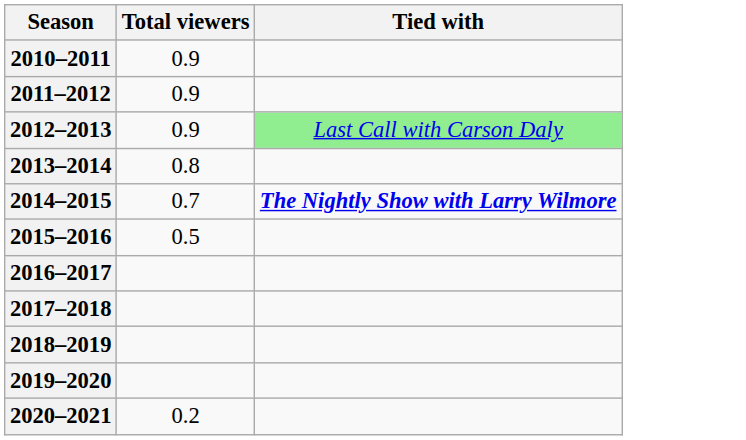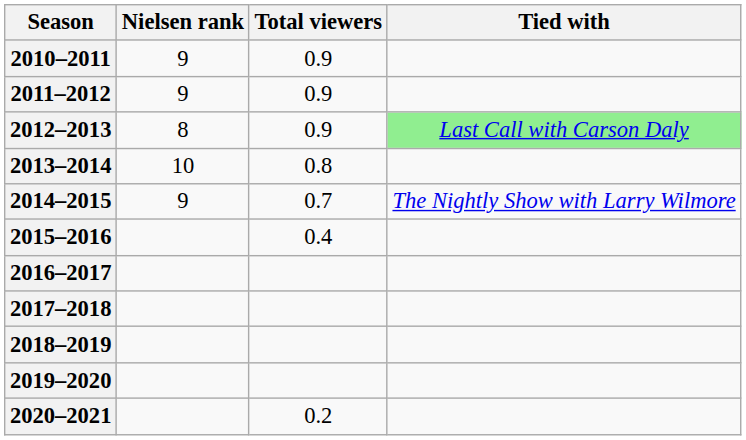 <table class="wikitable plainrowheaders" style="text-align: center">
 <tr>
 <th scope="col">Season</th>
+<th scope="col">Nielsen rank</th>
 <th scope="col">Total viewers</th>
 <th scope="col">Tied with</th>
 </tr>
 <tr>
 <th scope="row" style="text-align:center">2010–2011</th>
+<td style="text-align:center:">9</td>
 <td style="text-align:center">0.9</td>
 <td></td>
 </tr>
 <tr>
 <th scope="row"  style="text-align:center">2011–2012</th>
+<td style="text-align:center:">9</td>
 <td style="text-align:center">0.9</td>
 <td></td>
 </tr>
 <tr>
 <th scope="row"  style="text-align:center">2012–2013</th>
+<td style="text-align:center:">8</td>
 <td style="text-align:center">0.9</td>
 <td style="background: lightgreen; text-align:center"><em><a href='#'>Last Call with Carson Daly</a></em></td>
 </tr>
 <tr>
 <th scope="row"  style="text-align:center">2013–2014</th>
+<td style="text-align:center:">10</td>
 <td style="text-align:center">0.8</td>
 <td></td>
 </tr>
 <tr>
 <th scope="row"  style="text-align:center">2014–2015</th>
+<td style="text-align:center:">9</td>
 <td style="text-align:center">0.7</td>
-<td style="text-align:center"><strong><em><a href='#'>The Nightly Show with Larry Wilmore</a></em></strong></td>
+<td style="text-align:center"><em><a href='#'>The Nightly Show with Larry Wilmore</a></em></td>
 </tr>
 <tr>
 <th scope="row"  style="text-align:center">2015–2016</th>
-<td>0.5</td>
+<td></td>
+<td>0.4</td>
 <td></td>
 </tr>
 <tr>
 <th scope="row"  style="text-align:center">2016–2017</th>
+<td></td>
 <td></td>
 <td></td>
 </tr>
 <tr>
 <th scope="row"  style="text-align:center">2017–2018</th>
 <td></td>
 <td></td>
+<td></td>
 </tr>
 <tr>
 <th scope="row"  style="text-align:center">2018–2019</th>
+<td></td>
 <td></td>
 <td></td>
 </tr>
 <tr>
 <th scope="row"  style="text-align:center">2019–2020</th>
 <td></td>
 <td></td>
+<td></td>
 </tr>
 <tr>
 <th scope="row"  style="text-align:center">2020–2021</th>
+<td></td>
 <td>0.2</td>
 <td></td>
 </tr>
 </table>
